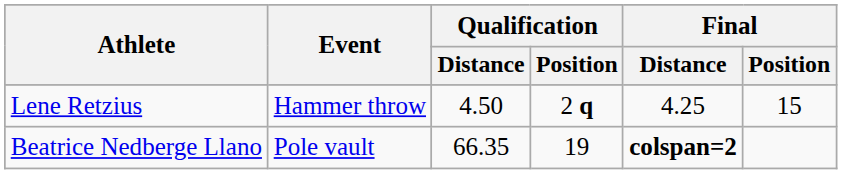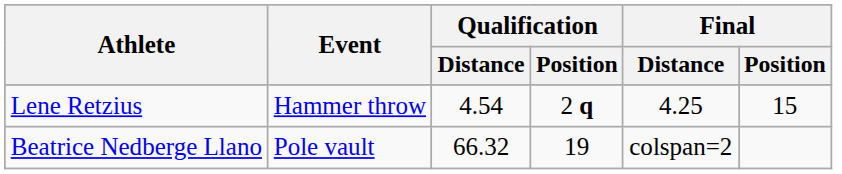 <table class="wikitable" style="font-size:90%">
 <tr>
 <th rowspan="2">Athlete</th>
 <th rowspan="2">Event</th>
 <th colspan="2">Qualification</th>
 <th colspan="2">Final</th>
 </tr>
 <tr style="font-size:95%">
 <th>Distance</th>
 <th>Position</th>
 <th>Distance</th>
 <th>Position</th>
 </tr>
 <tr align="center">
 <td align="left"><a href='#'>Lene Retzius</a></td>
 <td align="left"><a href='#'>Hammer throw</a></td>
-<td>4.50</td>
+<td>4.54</td>
 <td>2 <strong>q</strong></td>
 <td>4.25</td>
 <td>15</td>
 </tr>
 <tr align="center">
 <td align="left"><a href='#'>Beatrice Nedberge Llano</a></td>
 <td align="left"><a href='#'>Pole vault</a></td>
-<td>66.35</td>
+<td>66.32</td>
 <td>19</td>
-<td><strong>colspan=2 </strong></td>
+<td>colspan=2 </td>
 </tr>
 </table>
